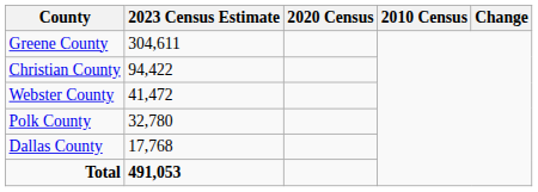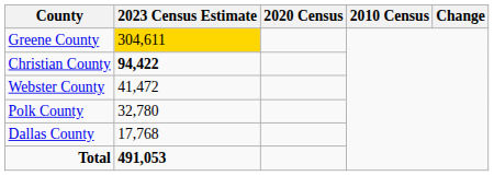 <table class="wikitable sortable">
 <tr>
 <th>County</th>
 <th>2023 Census Estimate</th>
 <th>2020 Census</th>
 <th>2010 Census</th>
 <th>Change</th>
 </tr>
 <tr>
 <td><a href='#'>Greene County</a></td>
-<td>304,611</td>
+<td style="background: gold;">304,611</td>
 <td></td>
 </tr>
 <tr>
 <td><a href='#'>Christian County</a></td>
-<td>94,422</td>
+<td><strong>94,422</strong></td>
 <td></td>
 </tr>
 <tr>
 <td><a href='#'>Webster County</a></td>
 <td>41,472</td>
 <td></td>
 </tr>
 <tr>
 <td><a href='#'>Polk County</a></td>
 <td>32,780</td>
 <td></td>
 </tr>
 <tr>
 <td><a href='#'>Dallas County</a></td>
 <td>17,768</td>
 <td></td>
 </tr>
 <tr class=sortbottom>
 <td align=right><strong>Total</strong></td>
 <td><strong>491,053</strong></td>
 <td></td>
 </tr>
 </table>
